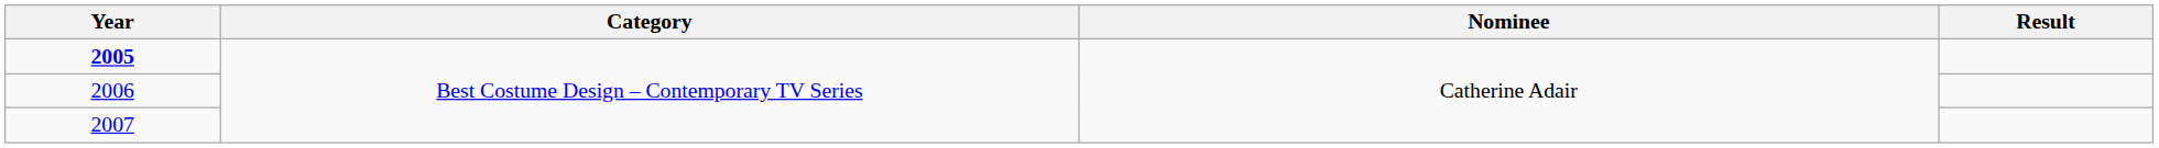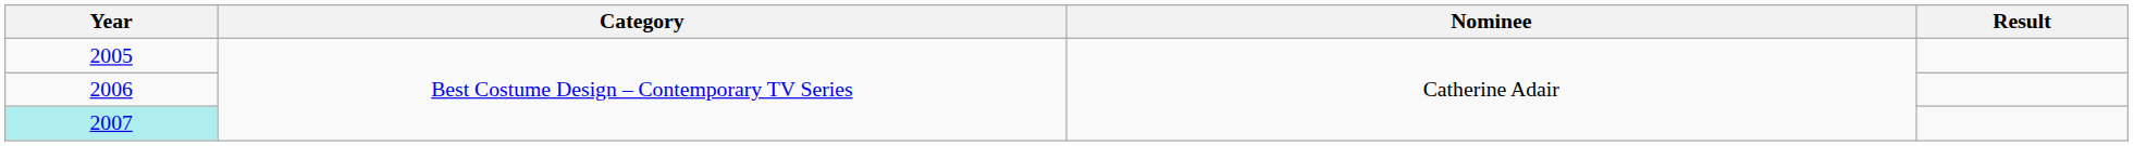 <table class="wikitable" width="80%">
 <tr>
 <th width="10%">Year</th>
 <th width="40%">Category</th>
 <th width="40%">Nominee</th>
 <th width="10%">Result</th>
 </tr>
 <tr>
-<td align="center"><strong><a href='#'>2005</a></strong></td>
+<td align="center"><a href='#'>2005</a></td>
 <td align="center" rowspan="3"><a href='#'>Best Costume Design – Contemporary TV Series</a></td>
 <td align="center" rowspan="3">Catherine Adair</td>
 <td></td>
 </tr>
 <tr>
 <td align="center"><a href='#'>2006</a></td>
 <td></td>
 </tr>
 <tr>
-<td align="center"><a href='#'>2007</a></td>
+<td align="center" style="background: paleturquoise;"><a href='#'>2007</a></td>
 <td></td>
 </tr>
 </table>
